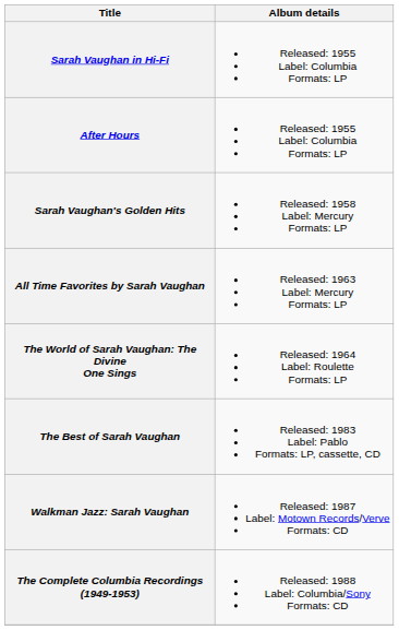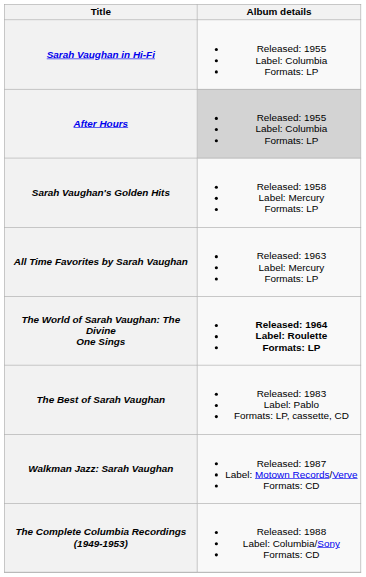 <table class="wikitable plainrowheaders" style="text-align:center;">
 <tr>
 <th scope="col" style="width:19em;">Title</th>
 <th scope="col" style="width:16em;">Album details</th>
 </tr>
 <tr>
 <th scope="row"><em><a href='#'>Sarah Vaughan in Hi-Fi</a></em></th>
 <td><br><ul><li>Released: 1955</li><li>Label: Columbia</li><li>Formats: LP</li></ul></td>
 </tr>
 <tr>
 <th scope="row"><em><a href='#'>After Hours</a></em></th>
-<td><br><ul><li>Released: 1955</li><li>Label: Columbia</li><li>Formats: LP</li></ul></td>
+<td style="background: lightgrey;"><br><ul><li>Released: 1955</li><li>Label: Columbia</li><li>Formats: LP</li></ul></td>
 </tr>
 <tr>
 <th scope="row"><em>Sarah Vaughan's Golden Hits</em></th>
 <td><br><ul><li>Released: 1958</li><li>Label: Mercury</li><li>Formats: LP</li></ul></td>
 </tr>
 <tr>
 <th scope="row"><em>All Time Favorites by Sarah Vaughan</em></th>
 <td><br><ul><li>Released: 1963</li><li>Label: Mercury</li><li>Formats: LP</li></ul></td>
 </tr>
 <tr>
 <th scope="row"><em>The World of Sarah Vaughan: The Divine<br>One Sings</em></th>
-<td><br><ul><li>Released: 1964</li><li>Label: Roulette</li><li>Formats: LP</li></ul></td>
+<td><strong><br><ul><li>Released: 1964</li><li>Label: Roulette</li><li>Formats: LP</li></ul></strong></td>
 </tr>
 <tr>
 <th scope="row"><em>The Best of Sarah Vaughan</em></th>
 <td><br><ul><li>Released: 1983</li><li>Label: Pablo</li><li>Formats: LP, cassette, CD</li></ul></td>
 </tr>
 <tr>
 <th scope="row"><em>Walkman Jazz: Sarah Vaughan</em></th>
 <td><br><ul><li>Released: 1987</li><li>Label: <a href='#'>Motown Records</a>/<a href='#'>Verve</a></li><li>Formats: CD</li></ul></td>
 </tr>
 <tr>
 <th scope="row"><em>The Complete Columbia Recordings<br>(1949-1953)</em></th>
 <td><br><ul><li>Released: 1988</li><li>Label: Columbia/<a href='#'>Sony</a></li><li>Formats: CD</li></ul></td>
 </tr>
 <tr>
 </tr>
 </table>
